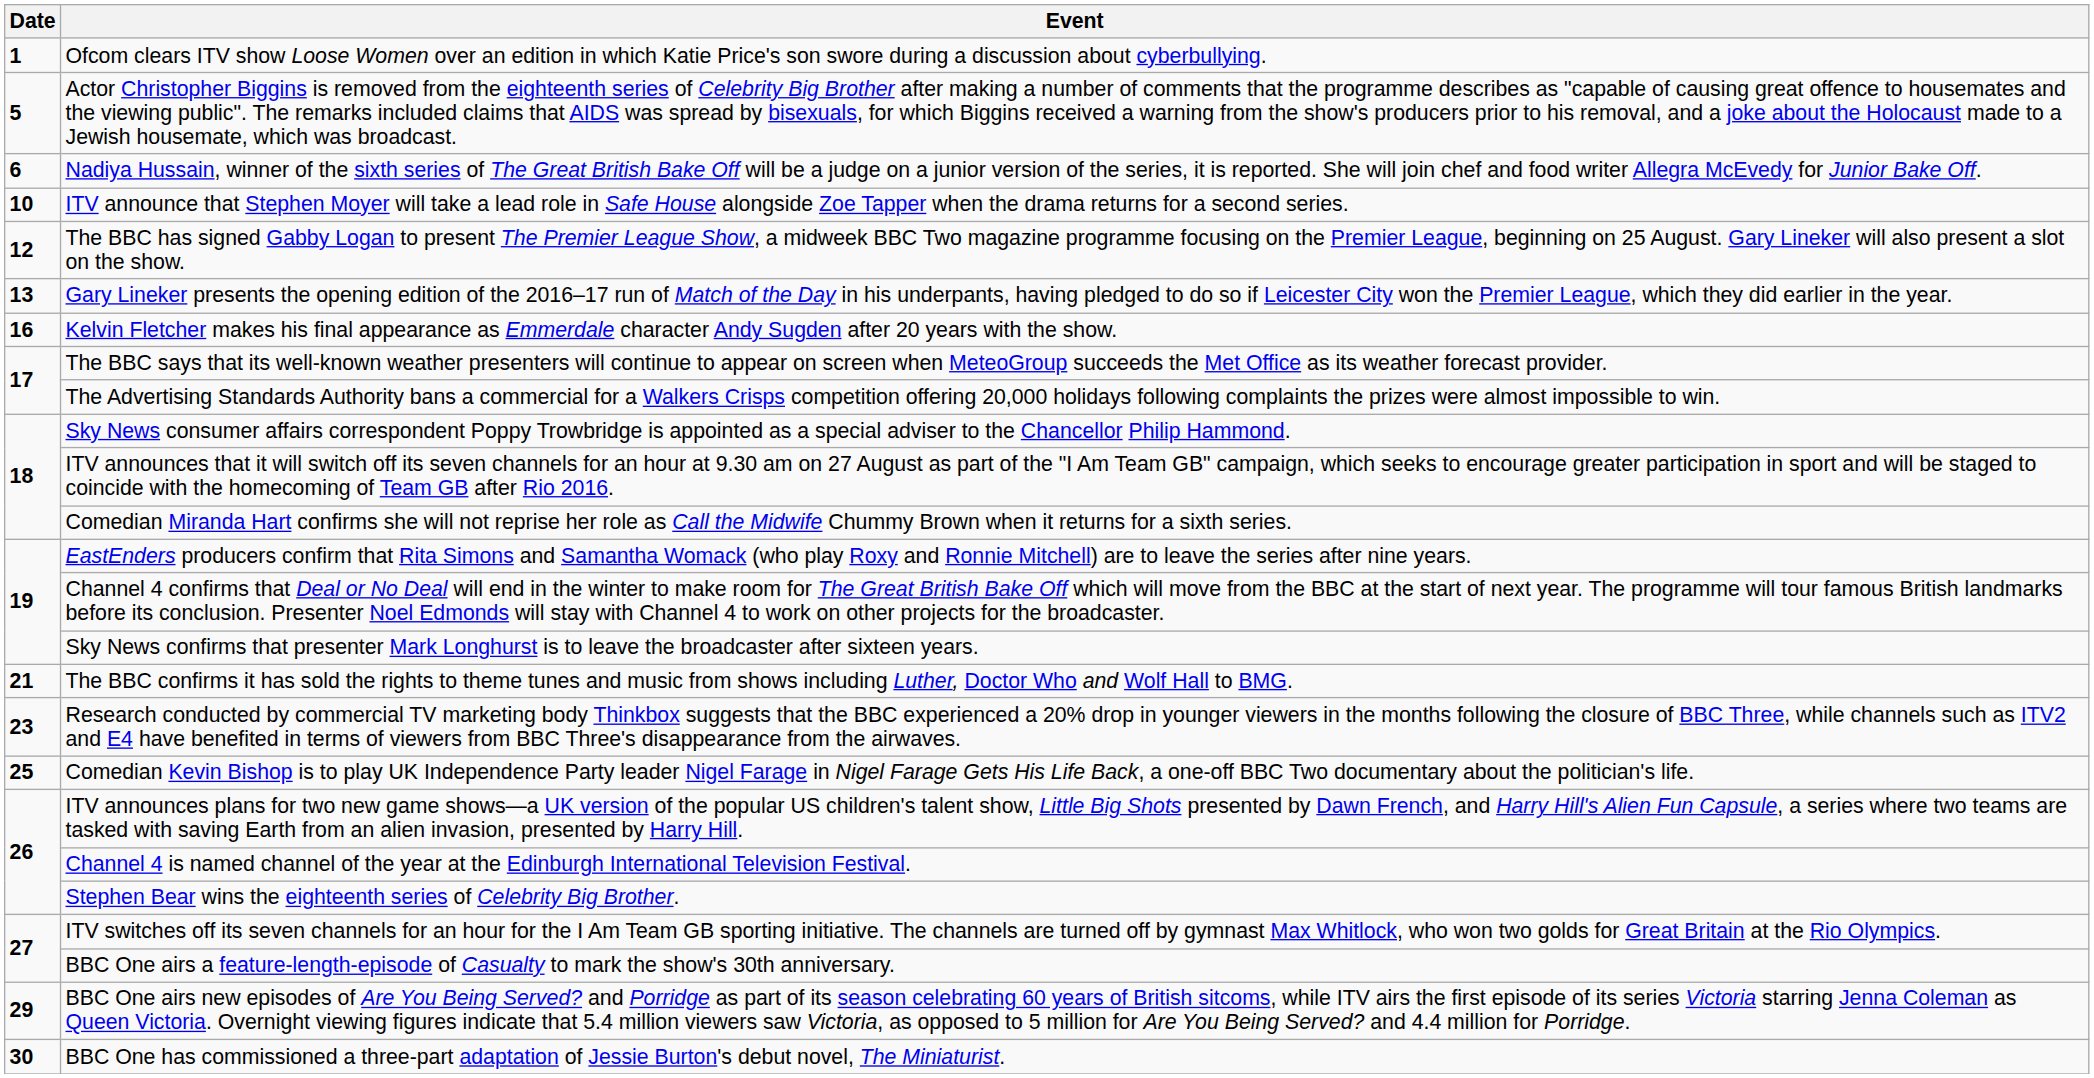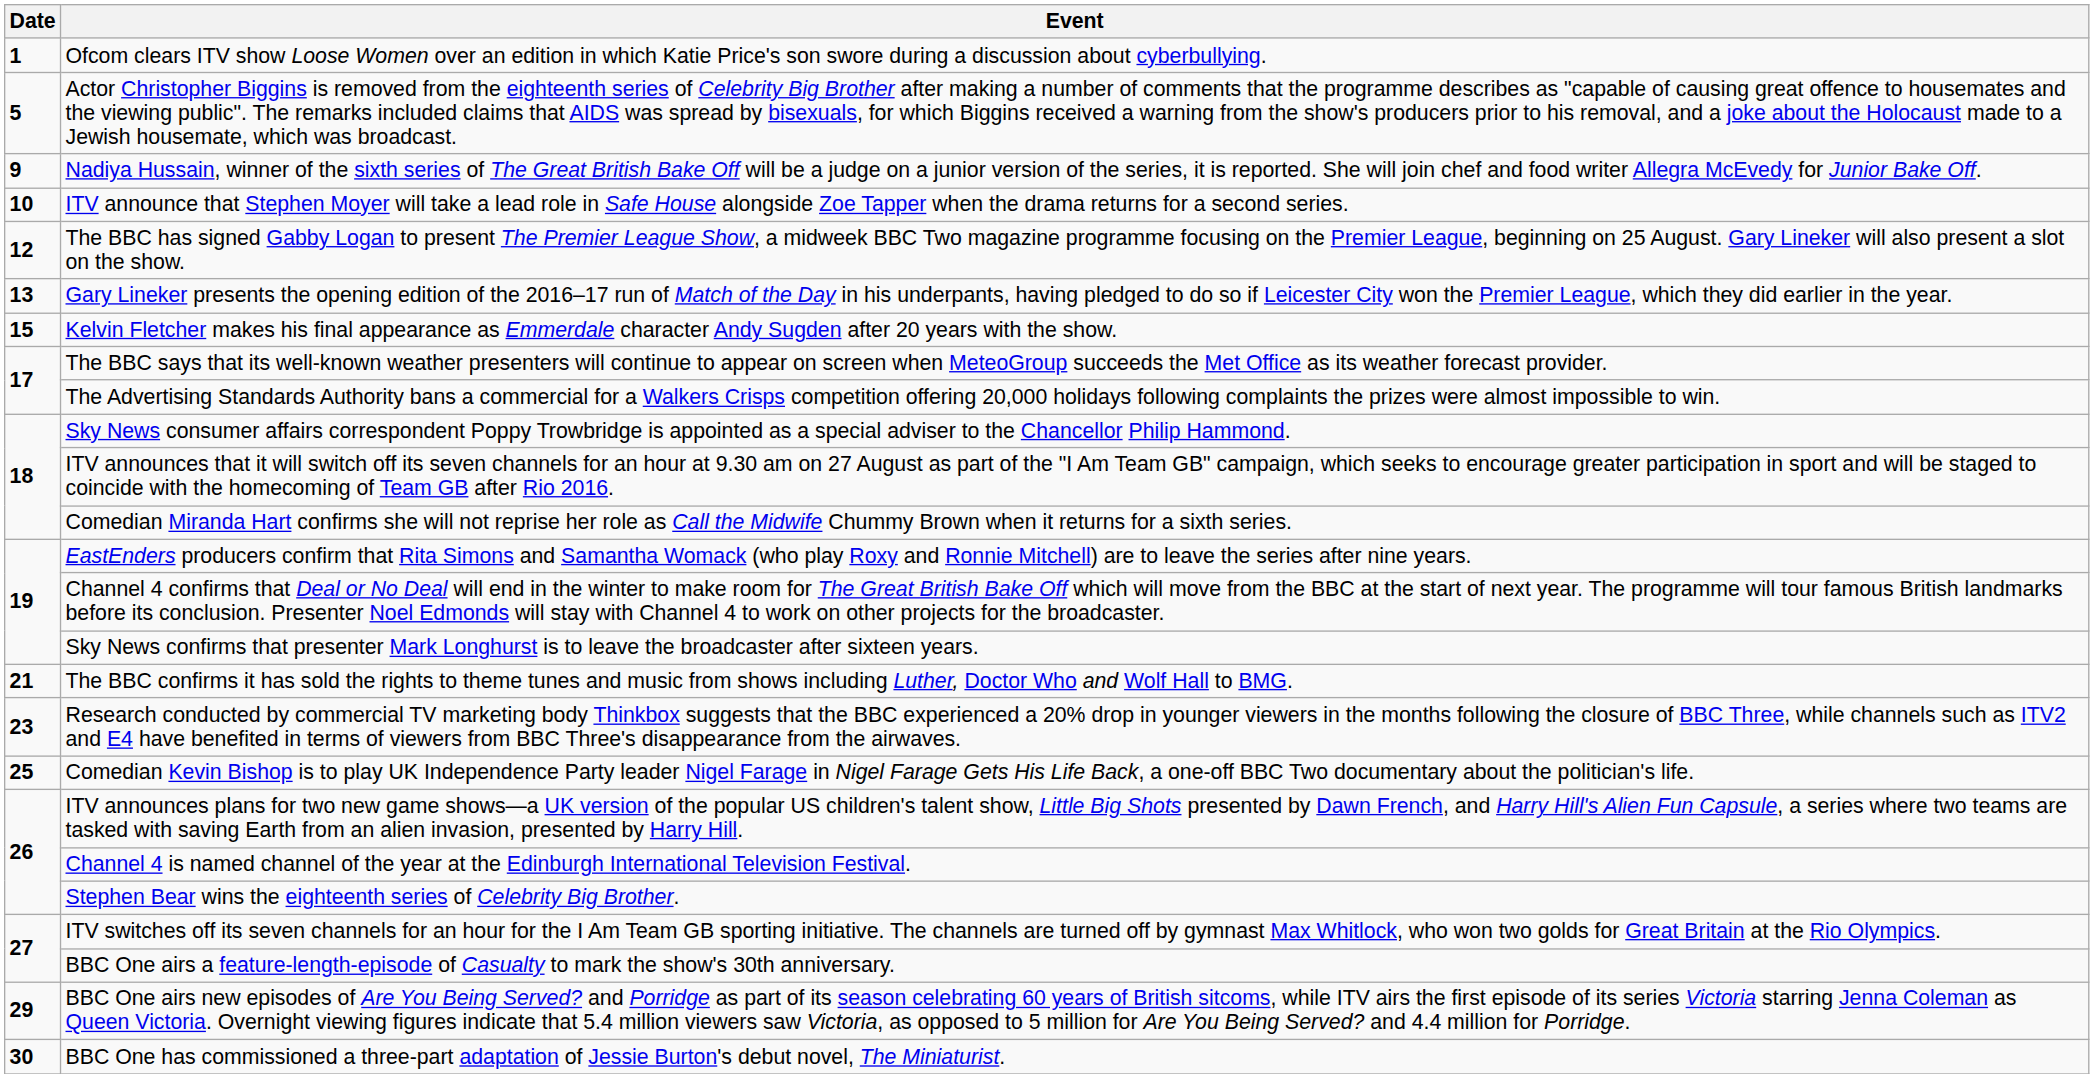 <table class="wikitable">
 <tr>
 <th>Date</th>
 <th>Event</th>
 </tr>
 <tr>
 <td><strong>1</strong></td>
 <td>Ofcom clears ITV show <em>Loose Women</em> over an edition in which Katie Price's son swore during a discussion about <a href='#'>cyberbullying</a>.</td>
 </tr>
 <tr>
 <td><strong>5</strong></td>
 <td>Actor <a href='#'>Christopher Biggins</a> is removed from the <a href='#'>eighteenth series</a> of <em><a href='#'>Celebrity Big Brother</a></em> after making a number of comments that the programme describes as "capable of causing great offence to housemates and the viewing public". The remarks included claims that <a href='#'>AIDS</a> was spread by <a href='#'>bisexuals</a>, for which Biggins received a warning from the show's producers prior to his removal, and a <a href='#'>joke about the Holocaust</a> made to a Jewish housemate, which was broadcast.</td>
 </tr>
 <tr>
-<td><strong>6</strong></td>
+<td><strong>9</strong></td>
 <td><a href='#'>Nadiya Hussain</a>, winner of the <a href='#'>sixth series</a> of <em><a href='#'>The Great British Bake Off</a></em> will be a judge on a junior version of the series, it is reported. She will join chef and food writer <a href='#'>Allegra McEvedy</a> for <em><a href='#'>Junior Bake Off</a></em>.</td>
 </tr>
 <tr>
 <td><strong>10</strong></td>
 <td><a href='#'>ITV</a> announce that <a href='#'>Stephen Moyer</a> will take a lead role in <em><a href='#'>Safe House</a></em> alongside <a href='#'>Zoe Tapper</a> when the drama returns for a second series.</td>
 </tr>
 <tr>
 <td><strong>12</strong></td>
 <td>The BBC has signed <a href='#'>Gabby Logan</a> to present <em><a href='#'>The Premier League Show</a></em>, a midweek BBC Two magazine programme focusing on the <a href='#'>Premier League</a>, beginning on 25 August. <a href='#'>Gary Lineker</a> will also present a slot on the show.</td>
 </tr>
 <tr>
 <td><strong>13</strong></td>
 <td><a href='#'>Gary Lineker</a> presents the opening edition of the 2016–17 run of <em><a href='#'>Match of the Day</a></em> in his underpants, having pledged to do so if <a href='#'>Leicester City</a> won the <a href='#'>Premier League</a>, which they did earlier in the year.</td>
 </tr>
 <tr>
-<td><strong>16</strong></td>
+<td><strong>15</strong></td>
 <td><a href='#'>Kelvin Fletcher</a> makes his final appearance as <em><a href='#'>Emmerdale</a></em> character <a href='#'>Andy Sugden</a> after 20 years with the show.</td>
 </tr>
 <tr>
 <td rowspan=2><strong>17</strong></td>
 <td>The BBC says that its well-known weather presenters will continue to appear on screen when <a href='#'>MeteoGroup</a> succeeds the <a href='#'>Met Office</a> as its weather forecast provider.</td>
 </tr>
 <tr>
 <td>The Advertising Standards Authority bans a commercial for a <a href='#'>Walkers Crisps</a> competition offering 20,000 holidays following complaints the prizes were almost impossible to win.</td>
 </tr>
 <tr>
 <td rowspan=3><strong>18</strong></td>
 <td><a href='#'>Sky News</a> consumer affairs correspondent Poppy Trowbridge is appointed as a special adviser to the <a href='#'>Chancellor</a> <a href='#'>Philip Hammond</a>.</td>
 </tr>
 <tr>
 <td>ITV announces that it will switch off its seven channels for an hour at 9.30 am on 27 August as part of the "I Am Team GB" campaign, which seeks to encourage greater participation in sport and will be staged to coincide with the homecoming of <a href='#'>Team GB</a> after <a href='#'>Rio 2016</a>.</td>
 </tr>
 <tr>
 <td>Comedian <a href='#'>Miranda Hart</a> confirms she will not reprise her role as <em><a href='#'>Call the Midwife</a></em> Chummy Brown when it returns for a sixth series.</td>
 </tr>
 <tr>
 <td rowspan=3><strong>19</strong></td>
 <td><em><a href='#'>EastEnders</a></em> producers confirm that <a href='#'>Rita Simons</a> and <a href='#'>Samantha Womack</a> (who play <a href='#'>Roxy</a> and <a href='#'>Ronnie Mitchell</a>) are to leave the series after nine years.</td>
 </tr>
 <tr>
 <td>Channel 4 confirms that <em><a href='#'>Deal or No Deal</a></em> will end in the winter to make room for <em><a href='#'>The Great British Bake Off</a></em> which will move from the BBC at the start of next year. The programme will tour famous British landmarks before its conclusion. Presenter <a href='#'>Noel Edmonds</a> will stay with Channel 4 to work on other projects for the broadcaster.</td>
 </tr>
 <tr>
 <td>Sky News confirms that presenter <a href='#'>Mark Longhurst</a> is to leave the broadcaster after sixteen years.</td>
 </tr>
 <tr>
 <td><strong>21</strong></td>
 <td>The BBC confirms it has sold the rights to theme tunes and music from shows including <em><a href='#'>Luther</a>, </em><a href='#'>Doctor Who</a><em> and </em><a href='#'>Wolf Hall</a> to <a href='#'>BMG</a>.</td>
 </tr>
 <tr>
 <td><strong>23</strong></td>
 <td>Research conducted by commercial TV marketing body <a href='#'>Thinkbox</a> suggests that the BBC experienced a 20% drop in younger viewers in the months following the closure of <a href='#'>BBC Three</a>, while channels such as <a href='#'>ITV2</a> and <a href='#'>E4</a> have benefited in terms of viewers from BBC Three's disappearance from the airwaves.</td>
 </tr>
 <tr>
 <td><strong>25</strong></td>
 <td>Comedian <a href='#'>Kevin Bishop</a> is to play UK Independence Party leader <a href='#'>Nigel Farage</a> in <em>Nigel Farage Gets His Life Back</em>, a one-off BBC Two documentary about the politician's life.</td>
 </tr>
 <tr>
 <td rowspan=3><strong>26</strong></td>
 <td>ITV announces plans for two new game shows—a <a href='#'>UK version</a> of the popular US children's talent show, <em><a href='#'>Little Big Shots</a></em> presented by <a href='#'>Dawn French</a>, and <em><a href='#'>Harry Hill's Alien Fun Capsule</a></em>, a series where two teams are tasked with saving Earth from an alien invasion, presented by <a href='#'>Harry Hill</a>.</td>
 </tr>
 <tr>
 <td><a href='#'>Channel 4</a> is named channel of the year at the <a href='#'>Edinburgh International Television Festival</a>.</td>
 </tr>
 <tr>
 <td><a href='#'>Stephen Bear</a> wins the <a href='#'>eighteenth series</a> of <em><a href='#'>Celebrity Big Brother</a></em>.</td>
 </tr>
 <tr>
 <td rowspan=2><strong>27</strong></td>
 <td>ITV switches off its seven channels for an hour for the I Am Team GB sporting initiative. The channels are turned off by gymnast <a href='#'>Max Whitlock</a>, who won two golds for <a href='#'>Great Britain</a> at the <a href='#'>Rio Olympics</a>.</td>
 </tr>
 <tr>
 <td>BBC One airs a <a href='#'>feature-length-episode</a> of <em><a href='#'>Casualty</a></em> to mark the show's 30th anniversary.</td>
 </tr>
 <tr>
 <td><strong>29</strong></td>
 <td>BBC One airs new episodes of <em><a href='#'>Are You Being Served?</a></em> and <em><a href='#'>Porridge</a></em> as part of its <a href='#'>season celebrating 60 years of British sitcoms</a>, while ITV airs the first episode of its series <em><a href='#'>Victoria</a></em> starring <a href='#'>Jenna Coleman</a> as <a href='#'>Queen Victoria</a>. Overnight viewing figures indicate that 5.4 million viewers saw <em>Victoria</em>, as opposed to 5 million for <em>Are You Being Served?</em> and 4.4 million for <em>Porridge</em>.</td>
 </tr>
 <tr>
 <td><strong>30</strong></td>
 <td>BBC One has commissioned a three-part <a href='#'>adaptation</a> of <a href='#'>Jessie Burton</a>'s debut novel, <em><a href='#'>The Miniaturist</a></em>.</td>
 </tr>
 </table>
